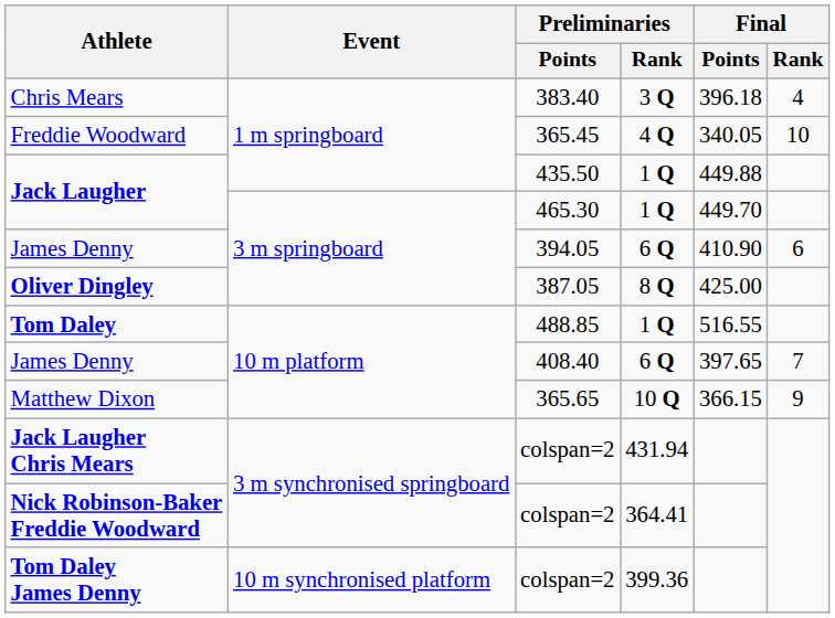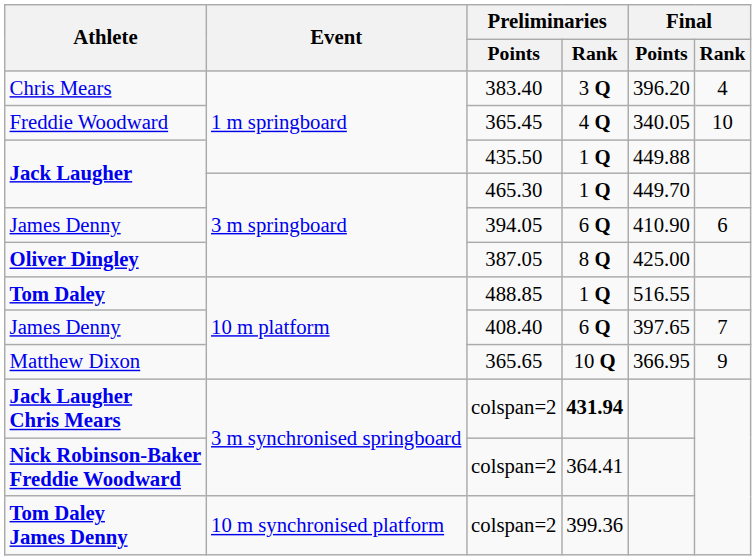 <table class="wikitable" style="font-size:90%;">
 <tr>
 <th rowspan=2>Athlete</th>
 <th rowspan=2>Event</th>
 <th colspan=2>Preliminaries</th>
 <th colspan=2>Final</th>
 </tr>
 <tr style="font-size:95%">
 <th>Points</th>
 <th>Rank</th>
 <th>Points</th>
 <th>Rank</th>
 </tr>
 <tr align=center>
 <td align=left><a href='#'>Chris Mears</a></td>
 <td style="text-align:left;" rowspan="3"><a href='#'>1 m springboard</a></td>
 <td>383.40</td>
 <td>3 <strong>Q</strong></td>
-<td>396.18</td>
+<td>396.20</td>
 <td>4</td>
 </tr>
 <tr align=center>
 <td align=left><a href='#'>Freddie Woodward</a></td>
 <td>365.45</td>
 <td>4 <strong>Q</strong></td>
 <td>340.05</td>
 <td>10</td>
 </tr>
 <tr align=center>
 <td style="text-align:left;" rowspan="2"><strong><a href='#'>Jack Laugher</a></strong></td>
 <td>435.50</td>
 <td>1 <strong>Q</strong></td>
 <td>449.88</td>
 <td></td>
 </tr>
 <tr align=center>
 <td style="text-align:left;" rowspan="3"><a href='#'>3 m springboard</a></td>
 <td>465.30</td>
 <td>1 <strong>Q</strong></td>
 <td>449.70</td>
 <td></td>
 </tr>
 <tr align=center>
 <td align=left><a href='#'>James Denny</a></td>
 <td>394.05</td>
 <td>6 <strong>Q</strong></td>
 <td>410.90</td>
 <td>6</td>
 </tr>
 <tr align=center>
 <td align=left><strong><a href='#'>Oliver Dingley</a></strong></td>
 <td>387.05</td>
 <td>8 <strong>Q</strong></td>
 <td>425.00</td>
 <td></td>
 </tr>
 <tr align=center>
 <td align=left><strong><a href='#'>Tom Daley</a></strong></td>
 <td style="text-align:left;" rowspan="3"><a href='#'>10 m platform</a></td>
 <td>488.85</td>
 <td>1 <strong>Q</strong></td>
 <td>516.55</td>
 <td></td>
 </tr>
 <tr align=center>
 <td align=left><a href='#'>James Denny</a></td>
 <td>408.40</td>
 <td>6 <strong>Q</strong></td>
 <td>397.65</td>
 <td>7</td>
 </tr>
 <tr align=center>
 <td align=left><a href='#'>Matthew Dixon</a></td>
 <td>365.65</td>
 <td>10 <strong>Q</strong></td>
-<td>366.15</td>
+<td>366.95</td>
 <td>9</td>
 </tr>
 <tr align=center>
 <td align=left><strong><a href='#'>Jack Laugher</a><br><a href='#'>Chris Mears</a></strong></td>
 <td style="text-align:left;" rowspan="2"><a href='#'>3 m synchronised springboard</a></td>
 <td>colspan=2 </td>
-<td>431.94</td>
+<td><strong>431.94</strong></td>
 <td></td>
 </tr>
 <tr align=center>
 <td align=left><strong><a href='#'>Nick Robinson-Baker</a><br><a href='#'>Freddie Woodward</a></strong></td>
 <td>colspan=2 </td>
 <td>364.41</td>
 <td></td>
 </tr>
 <tr align=center>
 <td align=left><strong><a href='#'>Tom Daley</a><br><a href='#'>James Denny</a></strong></td>
 <td align=left><a href='#'>10 m synchronised platform</a></td>
 <td>colspan=2 </td>
 <td>399.36</td>
 <td></td>
 </tr>
 </table>
